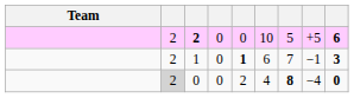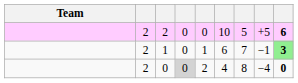 <table class="wikitable" style="text-align: center;">
 <tr>
 <th width="175">Team</th>
 <th width="20"></th>
 <th width="20"></th>
 <th width="20"></th>
 <th width="20"></th>
 <th width="20"></th>
 <th width="20"></th>
 <th width="20"></th>
 <th width="20"></th>
 </tr>
 <tr bgcolor="#ffccff">
 <td align=left></td>
 <td>2</td>
-<td><strong>2</strong></td>
+<td>2</td>
 <td>0</td>
 <td>0</td>
 <td>10</td>
 <td>5</td>
 <td>+5</td>
 <td><strong>6</strong></td>
 </tr>
 <tr>
 <td align=left></td>
 <td>2</td>
 <td>1</td>
 <td>0</td>
-<td><strong>1</strong></td>
+<td>1</td>
 <td>6</td>
 <td>7</td>
 <td>−1</td>
-<td><strong>3</strong></td>
+<td style="background: lightgreen;"><strong>3</strong></td>
 </tr>
 <tr>
 <td align=left></td>
-<td style="background: lightgrey;">2</td>
+<td>2</td>
 <td>0</td>
-<td>0</td>
+<td style="background: lightgrey;">0</td>
 <td>2</td>
 <td>4</td>
-<td><strong>8</strong></td>
+<td>8</td>
 <td>−4</td>
 <td><strong>0</strong></td>
 </tr>
 </table>
